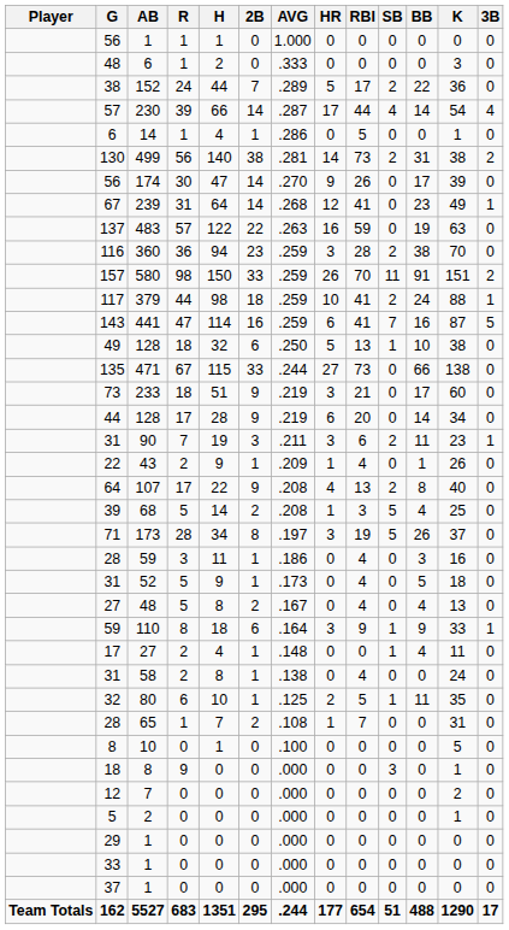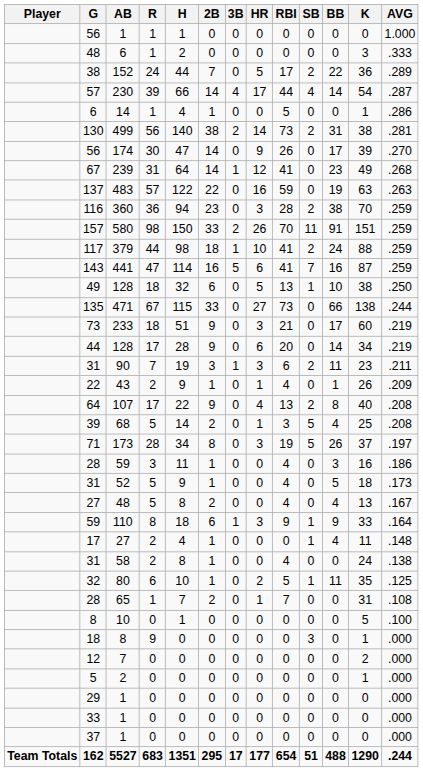 <table class="wikitable sortable" style="text-align:center">
 <tr>
 <th>Player</th>
 <th>G</th>
 <th>AB</th>
 <th>R</th>
 <th>H</th>
 <th>2B</th>
-<th>AVG</th>
+<th>3B</th>
 <th>HR</th>
 <th>RBI</th>
 <th>SB</th>
 <th>BB</th>
 <th>K</th>
-<th>3B</th>
+<th>AVG</th>
 </tr>
 <tr>
 <td></td>
 <td>56</td>
 <td>1</td>
 <td>1</td>
 <td>1</td>
 <td>0</td>
-<td>1.000</td>
 <td>0</td>
 <td>0</td>
 <td>0</td>
 <td>0</td>
 <td>0</td>
 <td>0</td>
+<td>1.000</td>
 </tr>
 <tr>
 <td></td>
 <td>48</td>
 <td>6</td>
 <td>1</td>
 <td>2</td>
 <td>0</td>
-<td>.333</td>
+<td>0</td>
 <td>0</td>
 <td>0</td>
 <td>0</td>
 <td>0</td>
 <td>3</td>
-<td>0</td>
+<td>.333</td>
 </tr>
 <tr>
 <td></td>
 <td>38</td>
 <td>152</td>
 <td>24</td>
 <td>44</td>
 <td>7</td>
-<td>.289</td>
+<td>0</td>
 <td>5</td>
 <td>17</td>
 <td>2</td>
 <td>22</td>
 <td>36</td>
-<td>0</td>
+<td>.289</td>
 </tr>
 <tr>
 <td></td>
 <td>57</td>
 <td>230</td>
 <td>39</td>
 <td>66</td>
 <td>14</td>
-<td>.287</td>
+<td>4</td>
 <td>17</td>
 <td>44</td>
 <td>4</td>
 <td>14</td>
 <td>54</td>
-<td>4</td>
+<td>.287</td>
 </tr>
 <tr>
 <td><strong></strong></td>
 <td>6</td>
 <td>14</td>
 <td>1</td>
 <td>4</td>
 <td>1</td>
-<td>.286</td>
+<td>0</td>
 <td>0</td>
 <td>5</td>
 <td>0</td>
 <td>0</td>
 <td>1</td>
-<td>0</td>
+<td>.286</td>
 </tr>
 <tr>
 <td></td>
 <td>130</td>
 <td>499</td>
 <td>56</td>
 <td>140</td>
 <td>38</td>
-<td>.281</td>
+<td>2</td>
 <td>14</td>
 <td>73</td>
 <td>2</td>
 <td>31</td>
 <td>38</td>
-<td>2</td>
+<td>.281</td>
 </tr>
 <tr>
 <td><strong></strong></td>
 <td>56</td>
 <td>174</td>
 <td>30</td>
 <td>47</td>
 <td>14</td>
-<td>.270</td>
+<td>0</td>
 <td>9</td>
 <td>26</td>
 <td>0</td>
 <td>17</td>
 <td>39</td>
-<td>0</td>
+<td>.270</td>
 </tr>
 <tr>
 <td></td>
 <td>67</td>
 <td>239</td>
 <td>31</td>
 <td>64</td>
 <td>14</td>
-<td>.268</td>
+<td>1</td>
 <td>12</td>
 <td>41</td>
 <td>0</td>
 <td>23</td>
 <td>49</td>
-<td>1</td>
+<td>.268</td>
 </tr>
 <tr>
 <td></td>
 <td>137</td>
 <td>483</td>
 <td>57</td>
 <td>122</td>
 <td>22</td>
-<td>.263</td>
+<td>0</td>
 <td>16</td>
 <td>59</td>
 <td>0</td>
 <td>19</td>
 <td>63</td>
-<td>0</td>
+<td>.263</td>
 </tr>
 <tr>
 <td></td>
 <td>116</td>
 <td>360</td>
 <td>36</td>
 <td>94</td>
 <td>23</td>
-<td>.259</td>
+<td>0</td>
 <td>3</td>
 <td>28</td>
 <td>2</td>
 <td>38</td>
 <td>70</td>
-<td>0</td>
+<td>.259</td>
 </tr>
 <tr>
 <td></td>
 <td>157</td>
 <td>580</td>
 <td>98</td>
 <td>150</td>
 <td>33</td>
-<td>.259</td>
+<td>2</td>
 <td>26</td>
 <td>70</td>
 <td>11</td>
 <td>91</td>
 <td>151</td>
-<td>2</td>
+<td>.259</td>
 </tr>
 <tr>
 <td></td>
 <td>117</td>
 <td>379</td>
 <td>44</td>
 <td>98</td>
 <td>18</td>
-<td>.259</td>
+<td>1</td>
 <td>10</td>
 <td>41</td>
 <td>2</td>
 <td>24</td>
 <td>88</td>
-<td>1</td>
+<td>.259</td>
 </tr>
 <tr>
 <td></td>
 <td>143</td>
 <td>441</td>
 <td>47</td>
 <td>114</td>
 <td>16</td>
-<td>.259</td>
+<td>5</td>
 <td>6</td>
 <td>41</td>
 <td>7</td>
 <td>16</td>
 <td>87</td>
-<td>5</td>
+<td>.259</td>
 </tr>
 <tr>
 <td></td>
 <td>49</td>
 <td>128</td>
 <td>18</td>
 <td>32</td>
 <td>6</td>
-<td>.250</td>
+<td>0</td>
 <td>5</td>
 <td>13</td>
 <td>1</td>
 <td>10</td>
 <td>38</td>
-<td>0</td>
+<td>.250</td>
 </tr>
 <tr>
 <td></td>
 <td>135</td>
 <td>471</td>
 <td>67</td>
 <td>115</td>
 <td>33</td>
-<td>.244</td>
+<td>0</td>
 <td>27</td>
 <td>73</td>
 <td>0</td>
 <td>66</td>
 <td>138</td>
-<td>0</td>
+<td>.244</td>
 </tr>
 <tr>
 <td></td>
 <td>73</td>
 <td>233</td>
 <td>18</td>
 <td>51</td>
 <td>9</td>
-<td>.219</td>
+<td>0</td>
 <td>3</td>
 <td>21</td>
 <td>0</td>
 <td>17</td>
 <td>60</td>
-<td>0</td>
+<td>.219</td>
 </tr>
 <tr>
 <td></td>
 <td>44</td>
 <td>128</td>
 <td>17</td>
 <td>28</td>
 <td>9</td>
-<td>.219</td>
+<td>0</td>
 <td>6</td>
 <td>20</td>
 <td>0</td>
 <td>14</td>
 <td>34</td>
-<td>0</td>
+<td>.219</td>
 </tr>
 <tr>
 <td></td>
 <td>31</td>
 <td>90</td>
 <td>7</td>
 <td>19</td>
 <td>3</td>
-<td>.211</td>
+<td>1</td>
 <td>3</td>
 <td>6</td>
 <td>2</td>
 <td>11</td>
 <td>23</td>
-<td>1</td>
+<td>.211</td>
 </tr>
 <tr>
 <td><strong></strong></td>
 <td>22</td>
 <td>43</td>
 <td>2</td>
 <td>9</td>
 <td>1</td>
-<td>.209</td>
+<td>0</td>
 <td>1</td>
 <td>4</td>
 <td>0</td>
 <td>1</td>
 <td>26</td>
-<td>0</td>
+<td>.209</td>
 </tr>
 <tr>
 <td></td>
 <td>64</td>
 <td>107</td>
 <td>17</td>
 <td>22</td>
 <td>9</td>
-<td>.208</td>
+<td>0</td>
 <td>4</td>
 <td>13</td>
 <td>2</td>
 <td>8</td>
 <td>40</td>
-<td>0</td>
+<td>.208</td>
 </tr>
 <tr>
 <td></td>
 <td>39</td>
 <td>68</td>
 <td>5</td>
 <td>14</td>
 <td>2</td>
-<td>.208</td>
+<td>0</td>
 <td>1</td>
 <td>3</td>
 <td>5</td>
 <td>4</td>
 <td>25</td>
-<td>0</td>
+<td>.208</td>
 </tr>
 <tr>
 <td></td>
 <td>71</td>
 <td>173</td>
 <td>28</td>
 <td>34</td>
 <td>8</td>
-<td>.197</td>
+<td>0</td>
 <td>3</td>
 <td>19</td>
 <td>5</td>
 <td>26</td>
 <td>37</td>
-<td>0</td>
+<td>.197</td>
 </tr>
 <tr>
 <td><strong></strong></td>
 <td>28</td>
 <td>59</td>
 <td>3</td>
 <td>11</td>
 <td>1</td>
-<td>.186</td>
+<td>0</td>
 <td>0</td>
 <td>4</td>
 <td>0</td>
 <td>3</td>
 <td>16</td>
-<td>0</td>
+<td>.186</td>
 </tr>
 <tr>
 <td></td>
 <td>31</td>
 <td>52</td>
 <td>5</td>
 <td>9</td>
 <td>1</td>
-<td>.173</td>
+<td>0</td>
 <td>0</td>
 <td>4</td>
 <td>0</td>
 <td>5</td>
 <td>18</td>
-<td>0</td>
+<td>.173</td>
 </tr>
 <tr>
 <td></td>
 <td>27</td>
 <td>48</td>
 <td>5</td>
 <td>8</td>
 <td>2</td>
-<td>.167</td>
+<td>0</td>
 <td>0</td>
 <td>4</td>
 <td>0</td>
 <td>4</td>
 <td>13</td>
-<td>0</td>
+<td>.167</td>
 </tr>
 <tr>
 <td></td>
 <td>59</td>
 <td>110</td>
 <td>8</td>
 <td>18</td>
 <td>6</td>
-<td>.164</td>
+<td>1</td>
 <td>3</td>
 <td>9</td>
 <td>1</td>
 <td>9</td>
 <td>33</td>
-<td>1</td>
+<td>.164</td>
 </tr>
 <tr>
 <td></td>
 <td>17</td>
 <td>27</td>
 <td>2</td>
 <td>4</td>
 <td>1</td>
-<td>.148</td>
+<td>0</td>
 <td>0</td>
 <td>0</td>
 <td>1</td>
 <td>4</td>
 <td>11</td>
-<td>0</td>
+<td>.148</td>
 </tr>
 <tr>
 <td></td>
 <td>31</td>
 <td>58</td>
 <td>2</td>
 <td>8</td>
 <td>1</td>
-<td>.138</td>
+<td>0</td>
 <td>0</td>
 <td>4</td>
 <td>0</td>
 <td>0</td>
 <td>24</td>
-<td>0</td>
+<td>.138</td>
 </tr>
 <tr>
 <td></td>
 <td>32</td>
 <td>80</td>
 <td>6</td>
 <td>10</td>
 <td>1</td>
-<td>.125</td>
+<td>0</td>
 <td>2</td>
 <td>5</td>
 <td>1</td>
 <td>11</td>
 <td>35</td>
-<td>0</td>
+<td>.125</td>
 </tr>
 <tr>
 <td></td>
 <td>28</td>
 <td>65</td>
 <td>1</td>
 <td>7</td>
 <td>2</td>
-<td>.108</td>
+<td>0</td>
 <td>1</td>
 <td>7</td>
 <td>0</td>
 <td>0</td>
 <td>31</td>
-<td>0</td>
+<td>.108</td>
 </tr>
 <tr>
 <td></td>
 <td>8</td>
 <td>10</td>
 <td>0</td>
 <td>1</td>
 <td>0</td>
-<td>.100</td>
+<td>0</td>
 <td>0</td>
 <td>0</td>
 <td>0</td>
 <td>0</td>
 <td>5</td>
-<td>0</td>
+<td>.100</td>
 </tr>
 <tr>
 <td></td>
 <td>18</td>
 <td>8</td>
 <td>9</td>
 <td>0</td>
 <td>0</td>
-<td>.000</td>
+<td>0</td>
 <td>0</td>
 <td>0</td>
 <td>3</td>
 <td>0</td>
 <td>1</td>
-<td>0</td>
+<td>.000</td>
 </tr>
 <tr>
 <td></td>
 <td>12</td>
 <td>7</td>
 <td>0</td>
 <td>0</td>
 <td>0</td>
-<td>.000</td>
+<td>0</td>
 <td>0</td>
 <td>0</td>
 <td>0</td>
 <td>0</td>
 <td>2</td>
-<td>0</td>
+<td>.000</td>
 </tr>
 <tr>
 <td></td>
 <td>5</td>
 <td>2</td>
 <td>0</td>
 <td>0</td>
 <td>0</td>
-<td>.000</td>
+<td>0</td>
 <td>0</td>
 <td>0</td>
 <td>0</td>
 <td>0</td>
 <td>1</td>
-<td>0</td>
+<td>.000</td>
 </tr>
 <tr>
 <td></td>
 <td>29</td>
 <td>1</td>
 <td>0</td>
 <td>0</td>
 <td>0</td>
-<td>.000</td>
 <td>0</td>
 <td>0</td>
 <td>0</td>
 <td>0</td>
 <td>0</td>
 <td>0</td>
+<td>.000</td>
 </tr>
 <tr>
 <td></td>
 <td>33</td>
 <td>1</td>
 <td>0</td>
 <td>0</td>
 <td>0</td>
-<td>.000</td>
 <td>0</td>
 <td>0</td>
 <td>0</td>
 <td>0</td>
 <td>0</td>
 <td>0</td>
+<td>.000</td>
 </tr>
 <tr>
 <td></td>
 <td>37</td>
 <td>1</td>
 <td>0</td>
 <td>0</td>
 <td>0</td>
-<td>.000</td>
 <td>0</td>
 <td>0</td>
 <td>0</td>
 <td>0</td>
 <td>0</td>
 <td>0</td>
+<td>.000</td>
 </tr>
 <tr>
 <td><strong>Team Totals</strong></td>
 <td><strong>162</strong></td>
 <td><strong>5527</strong></td>
 <td><strong>683</strong></td>
 <td><strong>1351</strong></td>
 <td><strong>295</strong></td>
-<td><strong>.244</strong></td>
+<td><strong>17</strong></td>
 <td><strong>177</strong></td>
 <td><strong>654</strong></td>
 <td><strong>51</strong></td>
 <td><strong>488</strong></td>
 <td><strong>1290</strong></td>
-<td><strong>17</strong></td>
+<td><strong>.244</strong></td>
 </tr>
 </table>
